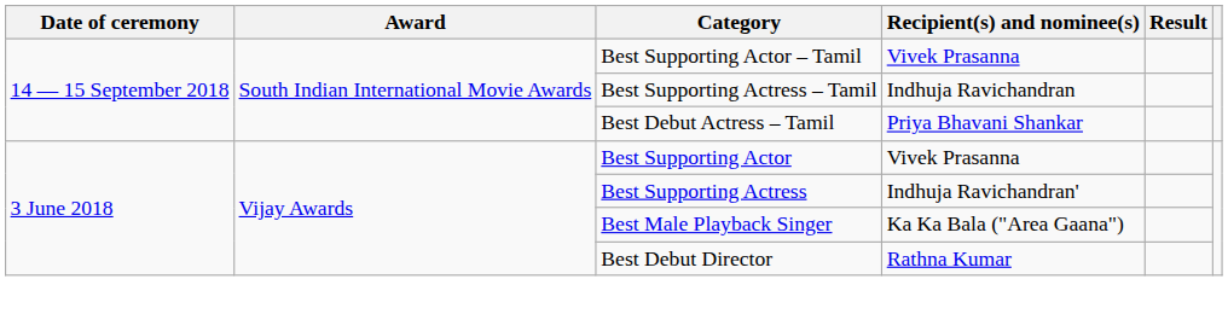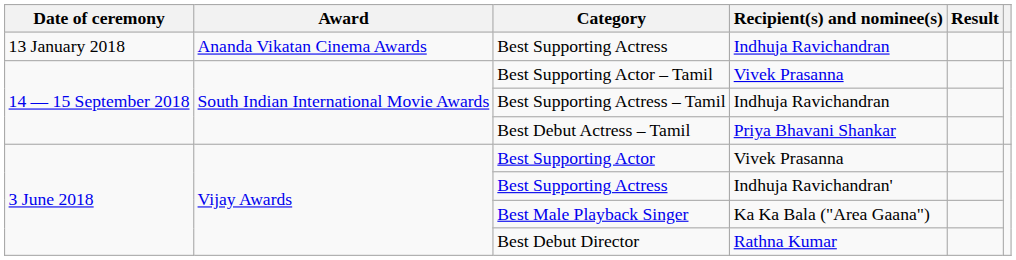 <table class="wikitable sortable">
 <tr>
 <th>Date of ceremony</th>
 <th>Award</th>
 <th>Category</th>
 <th>Recipient(s) and nominee(s)</th>
 <th class="unsortable">Result</th>
 <th class="unsortable"></th>
+</tr>
+<tr>
+<td>13 January 2018</td>
+<td><a href='#'>Ananda Vikatan Cinema Awards</a></td>
+<td>Best Supporting Actress</td>
+<td><a href='#'>Indhuja Ravichandran</a></td>
+<td></td>
+<td></td>
 </tr>
 <tr>
 <td rowspan="3"><a href='#'>14 — 15 September 2018</a></td>
 <td rowspan="3"><a href='#'>South Indian International Movie Awards</a></td>
 <td>Best Supporting Actor – Tamil</td>
 <td><a href='#'>Vivek Prasanna</a></td>
 <td></td>
 <td rowspan="3"></td>
 </tr>
 <tr>
 <td>Best Supporting Actress – Tamil</td>
 <td>Indhuja Ravichandran</td>
 <td></td>
 </tr>
 <tr>
 <td>Best Debut Actress – Tamil</td>
 <td><a href='#'>Priya Bhavani Shankar</a></td>
 <td></td>
 </tr>
 <tr>
 <td rowspan="4"><a href='#'>3 June 2018</a></td>
 <td rowspan="4"><a href='#'>Vijay Awards</a></td>
 <td><a href='#'>Best Supporting Actor</a></td>
 <td>Vivek Prasanna</td>
 <td></td>
 <td rowspan="4"></td>
 </tr>
 <tr>
 <td><a href='#'>Best Supporting Actress</a></td>
 <td>Indhuja Ravichandran'</td>
 <td></td>
 </tr>
 <tr>
 <td><a href='#'>Best Male Playback Singer</a></td>
 <td>Ka Ka Bala ("Area Gaana")</td>
 <td></td>
 </tr>
 <tr>
 <td>Best Debut Director</td>
 <td><a href='#'>Rathna Kumar</a></td>
 <td></td>
 </tr>
 </table>
